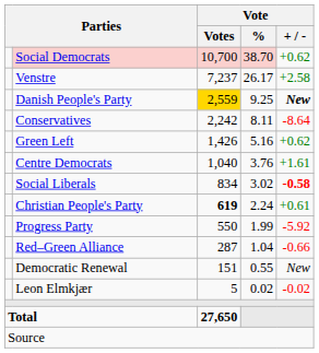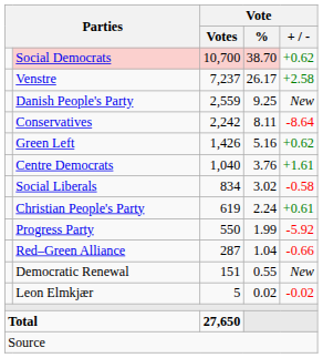 <table class="wikitable" style="text-align:right;">
 <tr>
 <th style="text-align:centre;" rowspan="2" colspan="2" width="225">Parties</th>
 <th colspan="3">Vote</th>
 </tr>
 <tr>
 <th width="15">Votes</th>
 <th width="15">%</th>
 <th width="15">+ / -</th>
 </tr>
 <tr>
 <td width="2" style="color:inherit;background:"></td>
 <td bgcolor=#fbd0ce  align="left"><a href='#'>Social Democrats</a></td>
 <td bgcolor=#fbd0ce>10,700</td>
 <td bgcolor=#fbd0ce>38.70</td>
 <td style=color:green;>+0.62</td>
 </tr>
 <tr>
 <td width="2" style="color:inherit;background:"></td>
 <td align="left"><a href='#'>Venstre</a></td>
 <td>7,237</td>
 <td>26.17</td>
 <td style=color:green;>+2.58</td>
 </tr>
 <tr>
 <td width="2" style="color:inherit;background:"></td>
 <td align="left"><a href='#'>Danish People's Party</a></td>
-<td style="background: gold;">2,559</td>
+<td>2,559</td>
 <td>9.25</td>
-<td><strong><em>New</em></strong></td>
+<td><em>New</em></td>
 </tr>
 <tr>
 <td width="2" style="color:inherit;background:"></td>
 <td align="left"><a href='#'>Conservatives</a></td>
 <td>2,242</td>
 <td>8.11</td>
 <td style=color:red;>-8.64</td>
 </tr>
 <tr>
 <td width="2" style="color:inherit;background:"></td>
 <td align="left"><a href='#'>Green Left</a></td>
 <td>1,426</td>
 <td>5.16</td>
 <td style=color:green;>+0.62</td>
 </tr>
 <tr>
 <td width="2" style="color:inherit;background:"></td>
 <td align="left"><a href='#'>Centre Democrats</a></td>
 <td>1,040</td>
 <td>3.76</td>
 <td style=color:green;>+1.61</td>
 </tr>
 <tr>
 <td width="2" style="color:inherit;background:"></td>
 <td align="left"><a href='#'>Social Liberals</a></td>
 <td>834</td>
 <td>3.02</td>
-<td style=color:red;><strong>-0.58</strong></td>
+<td style=color:red;>-0.58</td>
 </tr>
 <tr>
 <td width="2" style="color:inherit;background:"></td>
 <td align="left"><a href='#'>Christian People's Party</a></td>
-<td><strong>619</strong></td>
+<td>619</td>
 <td>2.24</td>
 <td style=color:green;>+0.61</td>
 </tr>
 <tr>
 <td width="2" style="color:inherit;background:"></td>
 <td align="left"><a href='#'>Progress Party</a></td>
 <td>550</td>
 <td>1.99</td>
 <td style=color:red;>-5.92</td>
 </tr>
 <tr>
 <td width="2" style="color:inherit;background:"></td>
 <td align="left"><a href='#'>Red–Green Alliance</a></td>
 <td>287</td>
 <td>1.04</td>
 <td style=color:red;>-0.66</td>
 </tr>
 <tr>
 <td width="2" style="color:inherit;background:"></td>
 <td align="left">Democratic Renewal</td>
 <td>151</td>
 <td>0.55</td>
 <td><em>New</em></td>
 </tr>
 <tr>
 <td width="2" style="color:inherit;background:"></td>
 <td align="left">Leon Elmkjær</td>
 <td>5</td>
 <td>0.02</td>
 <td style=color:red;>-0.02</td>
 </tr>
 <tr>
 <td colspan="7" bgcolor="#E9E9E9"></td>
 </tr>
 <tr>
 <td align="left" colspan="2"><strong>Total</strong></td>
 <td><strong>27,650</strong></td>
 <td bgcolor="#E9E9E9" colspan="2"></td>
 </tr>
 <tr>
 <td align="left" colspan="6">Source</td>
 </tr>
 </table>
